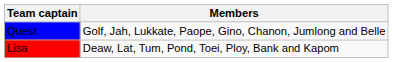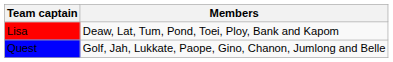 <table class="wikitable">
 <tr>
 <th>Team captain</th>
 <th>Members</th>
 </tr>
 <tr>
+<td style="background:red"><span>Lisa</span></td>
+<td>Deaw, Lat, Tum, Pond, Toei, Ploy, Bank and Kapom</td>
+</tr>
+<tr>
 <td style="background:#0000FF"><span>Quest</span></td>
 <td>Golf, Jah, Lukkate, Paope, Gino, Chanon, Jumlong and Belle</td>
 </tr>
-<tr>
-<td style="background:red"><span>Lisa</span></td>
-<td>Deaw, Lat, Tum, Pond, Toei, Ploy, Bank and Kapom</td>
-</tr>
 </table>
